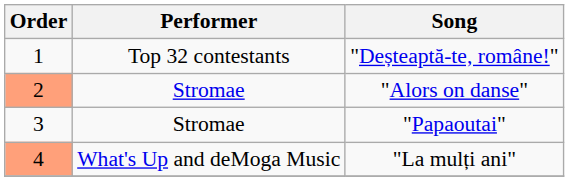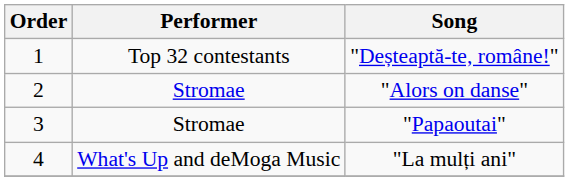 <table class="wikitable" style="text-align:center">
 <tr>
 <th>Order</th>
 <th>Performer</th>
 <th>Song</th>
 </tr>
 <tr>
 <td>1</td>
 <td>Top 32 contestants</td>
 <td>"<a href='#'>Deșteaptă-te, române!</a>"</td>
 </tr>
 <tr>
-<td style="background: lightsalmon;">2</td>
+<td>2</td>
 <td><a href='#'>Stromae</a></td>
 <td>"<a href='#'>Alors on danse</a>"</td>
 </tr>
 <tr>
 <td>3</td>
 <td>Stromae</td>
 <td>"<a href='#'>Papaoutai</a>"</td>
 </tr>
 <tr>
-<td style="background: lightsalmon;">4</td>
+<td>4</td>
 <td><a href='#'>What's Up</a> and deMoga Music</td>
 <td>"La mulți ani"</td>
 </tr>
 <tr>
 </tr>
 </table>
